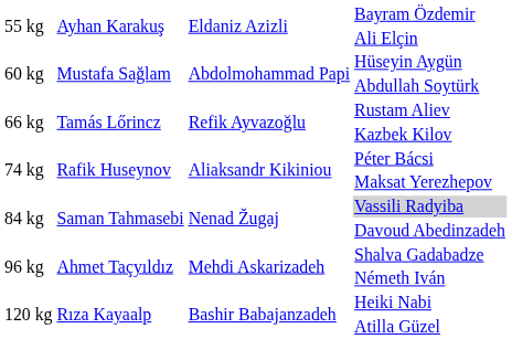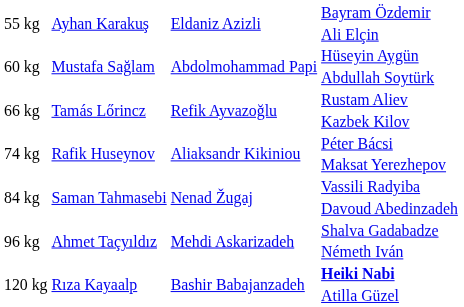 <table>
 <tr>
 <td rowspan=2>55 kg</td>
 <td rowspan=2> <a href='#'>Ayhan Karakuş</a></td>
 <td rowspan=2> <a href='#'>Eldaniz Azizli</a></td>
 <td> <a href='#'>Bayram Özdemir</a></td>
 </tr>
 <tr>
 <td> <a href='#'>Ali Elçin</a></td>
 </tr>
 <tr>
 <td rowspan=2>60 kg</td>
 <td rowspan=2> <a href='#'>Mustafa Sağlam</a></td>
 <td rowspan=2> <a href='#'>Abdolmohammad Papi</a></td>
 <td> <a href='#'>Hüseyin Aygün</a></td>
 </tr>
 <tr>
 <td> <a href='#'>Abdullah Soytürk</a></td>
 </tr>
 <tr>
 <td rowspan=2>66 kg</td>
 <td rowspan=2> <a href='#'>Tamás Lőrincz</a></td>
 <td rowspan=2> <a href='#'>Refik Ayvazoğlu</a></td>
 <td> <a href='#'>Rustam Aliev</a></td>
 </tr>
 <tr>
 <td> <a href='#'>Kazbek Kilov</a></td>
 </tr>
 <tr>
 <td rowspan=2>74 kg</td>
 <td rowspan=2> <a href='#'>Rafik Huseynov</a></td>
 <td rowspan=2> <a href='#'>Aliaksandr Kikiniou</a></td>
 <td> <a href='#'>Péter Bácsi</a></td>
 </tr>
 <tr>
 <td> <a href='#'>Maksat Yerezhepov</a></td>
 </tr>
 <tr>
 <td rowspan=2>84 kg</td>
 <td rowspan=2> <a href='#'>Saman Tahmasebi</a></td>
 <td rowspan=2> <a href='#'>Nenad Žugaj</a></td>
-<td style="background: lightgrey;"> <a href='#'>Vassili Radyiba</a></td>
+<td> <a href='#'>Vassili Radyiba</a></td>
 </tr>
 <tr>
 <td> <a href='#'>Davoud Abedinzadeh</a></td>
 </tr>
 <tr>
 <td rowspan=2>96 kg</td>
 <td rowspan=2> <a href='#'>Ahmet Taçyıldız</a></td>
 <td rowspan=2> <a href='#'>Mehdi Askarizadeh</a></td>
 <td> <a href='#'>Shalva Gadabadze</a></td>
 </tr>
 <tr>
 <td> <a href='#'>Németh Iván</a></td>
 </tr>
 <tr>
 <td rowspan=2>120 kg</td>
 <td rowspan=2> <a href='#'>Rıza Kayaalp</a></td>
 <td rowspan=2> <a href='#'>Bashir Babajanzadeh</a></td>
-<td> <a href='#'>Heiki Nabi</a></td>
+<td><strong> <a href='#'>Heiki Nabi</a></strong></td>
 </tr>
 <tr>
 <td> <a href='#'>Atilla Güzel</a></td>
 </tr>
 <tr>
 </tr>
 </table>
